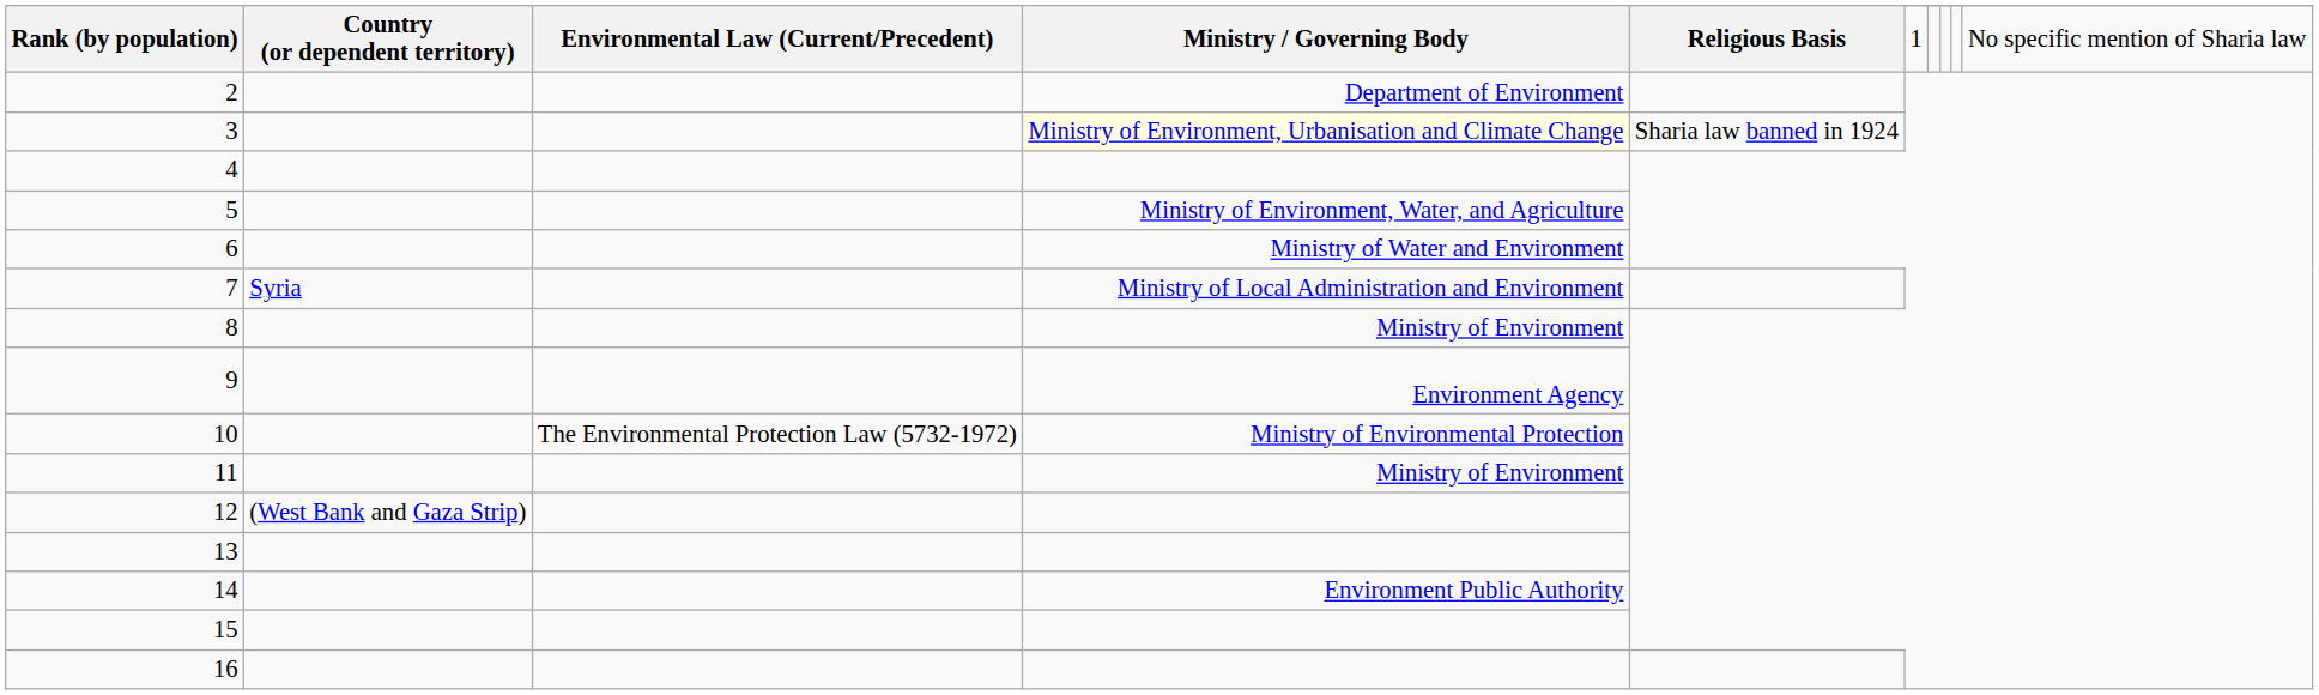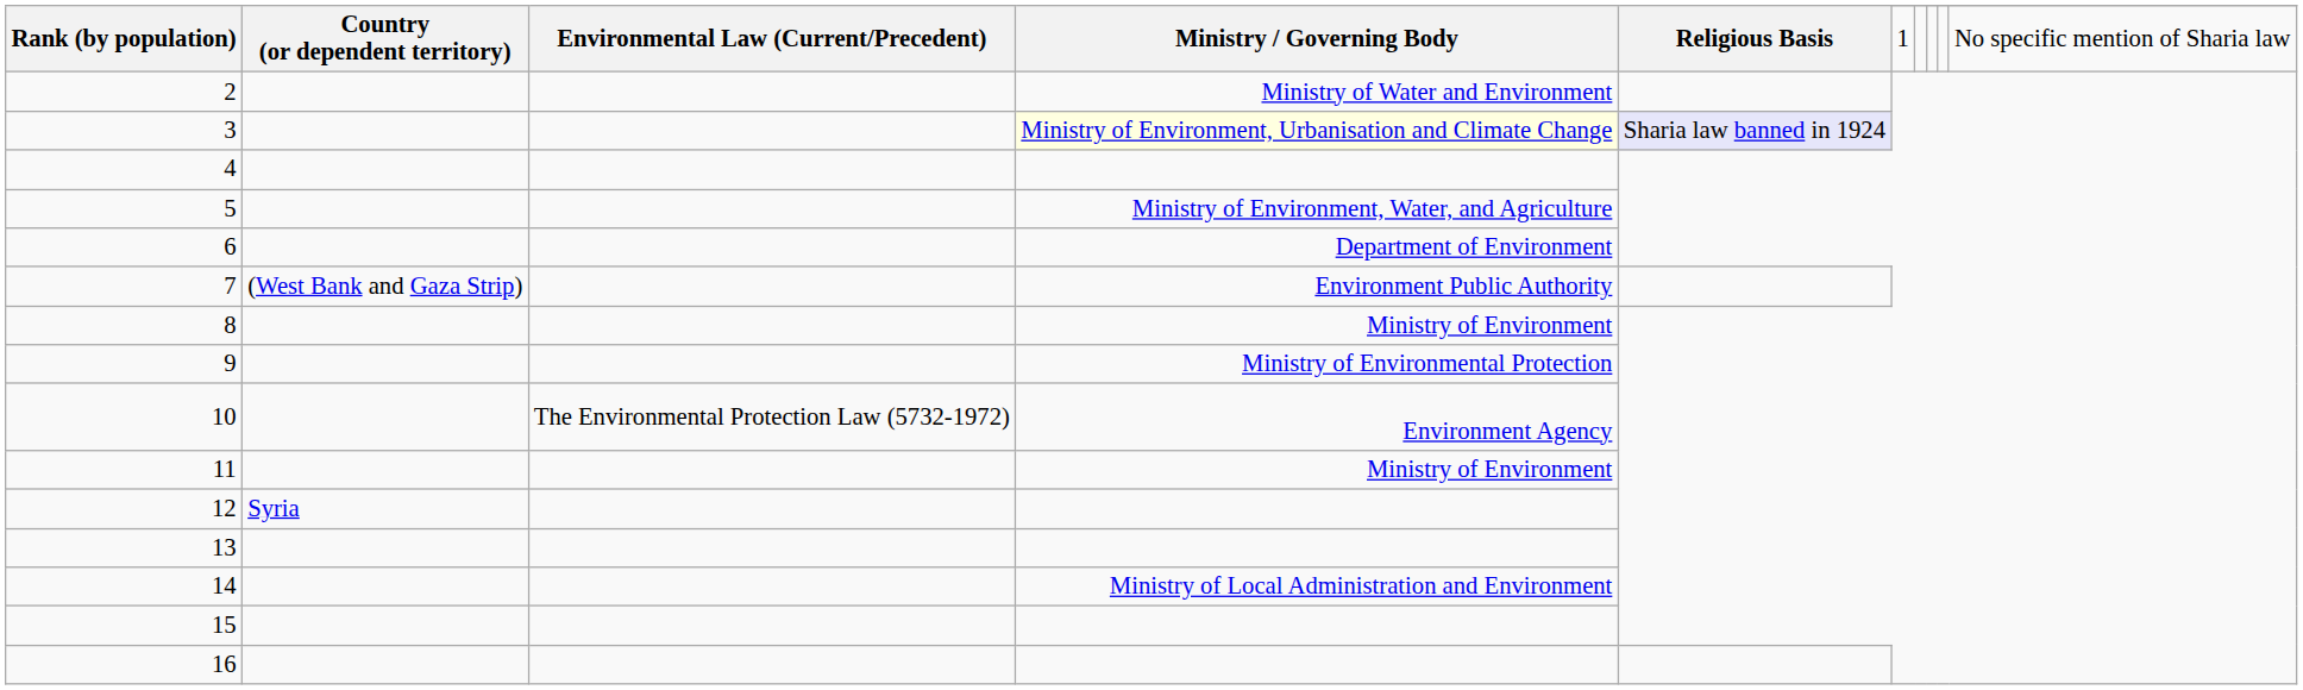 <table class="sortable wikitable" style="text-align: right">
 <tr>
 <th rowspan="2">Rank (by population)</th>
 <th rowspan="2">Country<br>(or dependent territory)</th>
 <th rowspan="2">Environmental Law (Current/Precedent)</th>
 <th rowspan="2">Ministry / Governing Body</th>
 <th rowspan="2">Religious Basis</th>
 </tr>
 <tr>
 <td>1</td>
 <td align="left"></td>
 <td></td>
 <td></td>
 <td>No specific mention of Sharia law</td>
 </tr>
 <tr 1>
 <td>2</td>
 <td align="left"></td>
 <td></td>
-<td><a href='#'>Department of Environment</a></td>
+<td><a href='#'>Ministry of Water and Environment</a></td>
 <td></td>
 </tr>
 <tr>
 <td>3</td>
 <td align="left"></td>
 <td></td>
 <td style="background: lightyellow;"><a href='#'>Ministry of Environment, Urbanisation and Climate Change</a></td>
-<td>Sharia law <a href='#'>banned</a> in 1924</td>
+<td style="background: lavender;">Sharia law <a href='#'>banned</a> in 1924</td>
 </tr>
 <tr>
 <td>4</td>
 <td align="left"></td>
 <td></td>
 <td></td>
 </tr>
 <tr>
 <td>5</td>
 <td align="left"></td>
 <td></td>
 <td><a href='#'>Ministry of Environment, Water, and Agriculture</a></td>
 </tr>
 <tr>
 <td>6</td>
 <td align="left"></td>
 <td></td>
-<td><a href='#'>Ministry of Water and Environment</a></td>
+<td><a href='#'>Department of Environment</a></td>
 </tr>
 <tr>
 <td>7</td>
-<td align="left"> <a href='#'>Syria</a></td>
+<td align="left"> (<a href='#'>West Bank</a> and <a href='#'>Gaza Strip</a>)</td>
 <td></td>
-<td><a href='#'>Ministry of Local Administration and Environment</a></td>
+<td><a href='#'>Environment Public Authority</a></td>
 <td></td>
 </tr>
 <tr>
 <td>8</td>
 <td align="left"></td>
 <td></td>
 <td><a href='#'>Ministry of Environment</a></td>
 </tr>
 <tr 006+03>
 <td>9</td>
 <td align="left"></td>
 <td></td>
-<td><br> <a href='#'>Environment Agency</a> </td>
+<td><a href='#'>Ministry of Environmental Protection</a></td>
 </tr>
 <tr>
 <td>10</td>
 <td align="left"></td>
 <td>The Environmental Protection Law (5732-1972)</td>
-<td><a href='#'>Ministry of Environmental Protection</a></td>
+<td><br> <a href='#'>Environment Agency</a> </td>
 </tr>
 <tr>
 <td>11</td>
 <td align="left"></td>
 <td></td>
 <td><a href='#'>Ministry of Environment</a></td>
 </tr>
 <tr>
 <td>12</td>
-<td align="left"> (<a href='#'>West Bank</a> and <a href='#'>Gaza Strip</a>)</td>
+<td align="left"> <a href='#'>Syria</a></td>
 <td></td>
 <td></td>
 </tr>
 <tr>
 <td>13</td>
 <td align="left"></td>
 <td></td>
 <td></td>
 </tr>
 <tr>
 <td>14</td>
 <td align="left"></td>
 <td></td>
-<td><a href='#'>Environment Public Authority</a></td>
+<td><a href='#'>Ministry of Local Administration and Environment</a></td>
 </tr>
 <tr>
 <td>15</td>
 <td align="left"></td>
 <td></td>
 <td></td>
 </tr>
 <tr>
 <td>16</td>
 <td align="left"></td>
 <td></td>
 <td></td>
 <td></td>
 </tr>
 </table>
